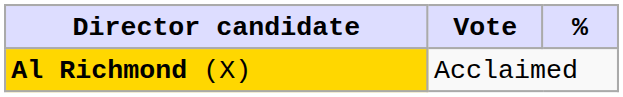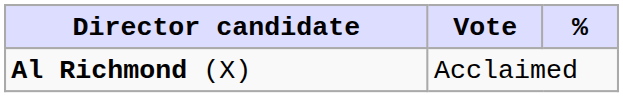 <table class="wikitable">
 <tr>
 <th style="background:#ddf;" width="200px">Director candidate</th>
 <th style="background:#ddf;" width="50px">Vote</th>
 <th style="background:#ddf;" width="30px">%</th>
 </tr>
 <tr>
-<td style="background: gold;"><strong>Al Richmond</strong> (X)</td>
+<td><strong>Al Richmond</strong> (X)</td>
 <td colspan="2">Acclaimed</td>
 </tr>
 </table>
